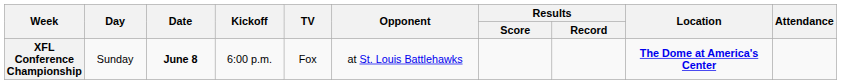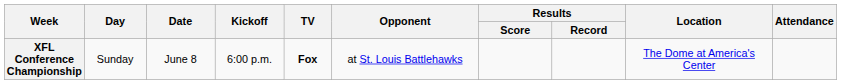 <table class="wikitable" style="text-align:center; font-size: 95%;">
 <tr>
 <th rowspan="2" width="40">Week</th>
 <th rowspan="2" width="80">Day</th>
 <th rowspan="2" width="90">Date</th>
 <th rowspan="2" width="90">Kickoff</th>
 <th rowspan="2" width="60">TV</th>
 <th rowspan="2" width="200">Opponent</th>
 <th colspan="2" width="200">Results</th>
 <th rowspan="2" width="200">Location</th>
 <th rowspan="2">Attendance</th>
 </tr>
 <tr>
 <th width="60">Score</th>
 <th width="60">Record</th>
 </tr>
 <tr style="background:#">
 <th>XFL Conference Championship</th>
 <td>Sunday</td>
-<td><strong>June 8</strong></td>
+<td>June 8</td>
 <td>6:00 p.m.</td>
-<td>Fox</td>
+<td><strong>Fox</strong></td>
 <td>at <a href='#'>St. Louis Battlehawks</a></td>
 <td></td>
 <td></td>
-<td><strong><a href='#'>The Dome at America's Center</a></strong></td>
+<td><a href='#'>The Dome at America's Center</a></td>
 <td></td>
 </tr>
 </table>
